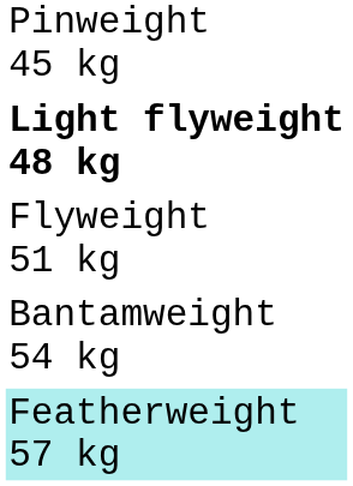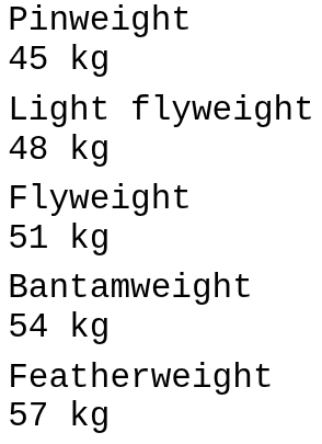 <table>
 <tr>
 <td>Pinweight<br> 45 kg</td>
 <td></td>
 <td></td>
 <td></td>
 </tr>
 <tr>
-<td><strong>Light flyweight<br> 48 kg</strong></td>
+<td>Light flyweight<br> 48 kg</td>
 <td></td>
 <td></td>
 <td></td>
 </tr>
 <tr>
 <td rowspan=2>Flyweight<br> 51 kg</td>
 <td rowspan=2></td>
 <td rowspan=2></td>
 <td></td>
 </tr>
 <tr>
 <td></td>
 </tr>
 <tr>
 <td>Bantamweight<br> 54 kg</td>
 <td></td>
 <td></td>
 <td></td>
 </tr>
 <tr>
-<td style="background: paleturquoise;">Featherweight<br> 57 kg</td>
+<td>Featherweight<br> 57 kg</td>
 <td></td>
 <td></td>
 <td></td>
 </tr>
 </table>
